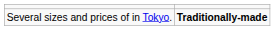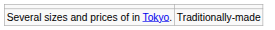 <table class="wikitable floatright">
 <tr>
 <td></td>
 <td></td>
 </tr>
 <tr>
 <td>Several sizes and prices of  in <a href='#'>Tokyo</a>.</td>
-<td><strong>Traditionally-made </strong></td>
+<td>Traditionally-made </td>
 </tr>
 </table>
